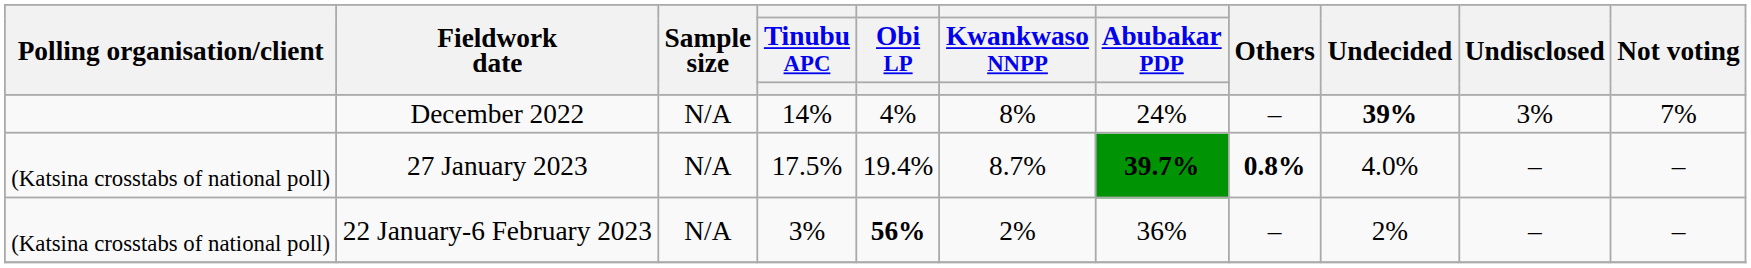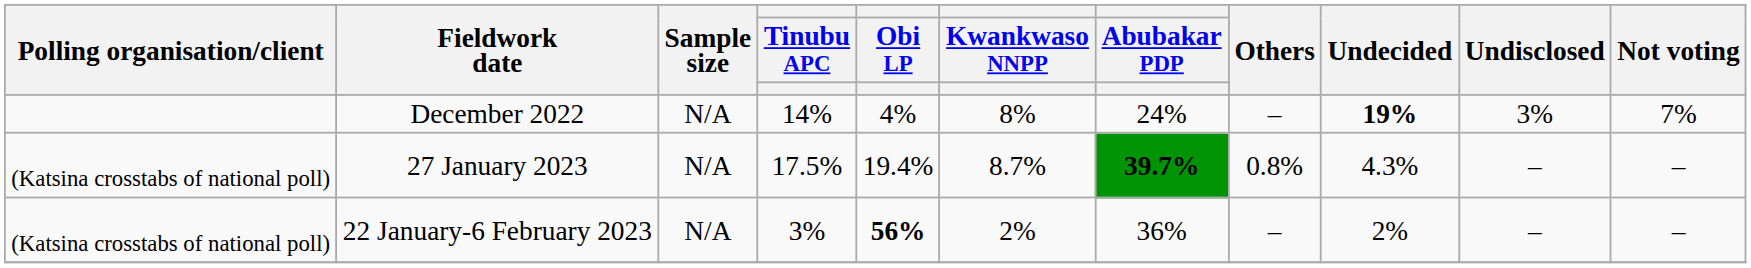 <table class="wikitable" style="text-align:center;font-size:95%;line-height:14px;">
 <tr>
 <th rowspan="3">Polling organisation/client</th>
 <th rowspan="3">Fieldwork<br>date</th>
 <th rowspan="3">Sample<br>size</th>
 <th></th>
 <th></th>
 <th></th>
 <th></th>
 <th rowspan="3">Others</th>
 <th rowspan="3">Undecided</th>
 <th rowspan="3">Undisclosed</th>
 <th rowspan="3">Not voting</th>
 </tr>
 <tr>
 <th><a href='#'>Tinubu</a><br><small><a href='#'>APC</a></small></th>
 <th><a href='#'>Obi</a><br><small><a href='#'>LP</a></small></th>
 <th><a href='#'>Kwankwaso</a><br><small><a href='#'>NNPP</a></small></th>
 <th><a href='#'>Abubakar</a><br><small><a href='#'>PDP</a></small></th>
 </tr>
 <tr>
 <th style="background:"></th>
 <th style="background:"></th>
 <th style="background:"></th>
 <th style="background:"></th>
 </tr>
 <tr>
 <td></td>
 <td>December 2022</td>
 <td>N/A</td>
 <td>14%</td>
 <td>4%</td>
 <td>8%</td>
 <td>24%</td>
 <td>–</td>
-<td><strong>39%</strong></td>
+<td><strong>19%</strong></td>
 <td>3%</td>
 <td>7%</td>
 </tr>
 <tr>
 <td><br><small>(Katsina crosstabs of national poll)</small></td>
 <td>27 January 2023</td>
 <td>N/A</td>
 <td>17.5%</td>
 <td>19.4%</td>
 <td>8.7%</td>
 <td bgcolor=#009404><strong>39.7%</strong></td>
-<td><strong>0.8%</strong></td>
-<td>4.0%</td>
+<td>0.8%</td>
+<td>4.3%</td>
 <td>–</td>
 <td>–</td>
 </tr>
 <tr>
 <td><br><small>(Katsina crosstabs of national poll)</small></td>
 <td>22 January-6 February 2023</td>
 <td>N/A</td>
 <td>3%</td>
 <td><strong>56%</strong></td>
 <td>2%</td>
 <td>36%</td>
 <td>–</td>
 <td>2%</td>
 <td>–</td>
 <td>–</td>
 </tr>
 <tr>
 </tr>
 </table>
